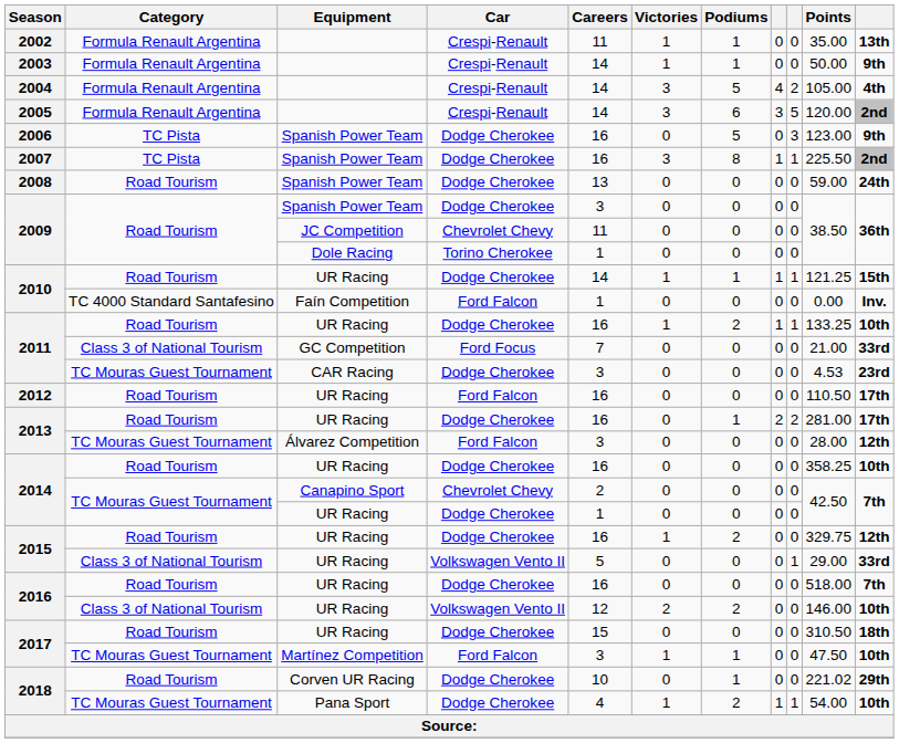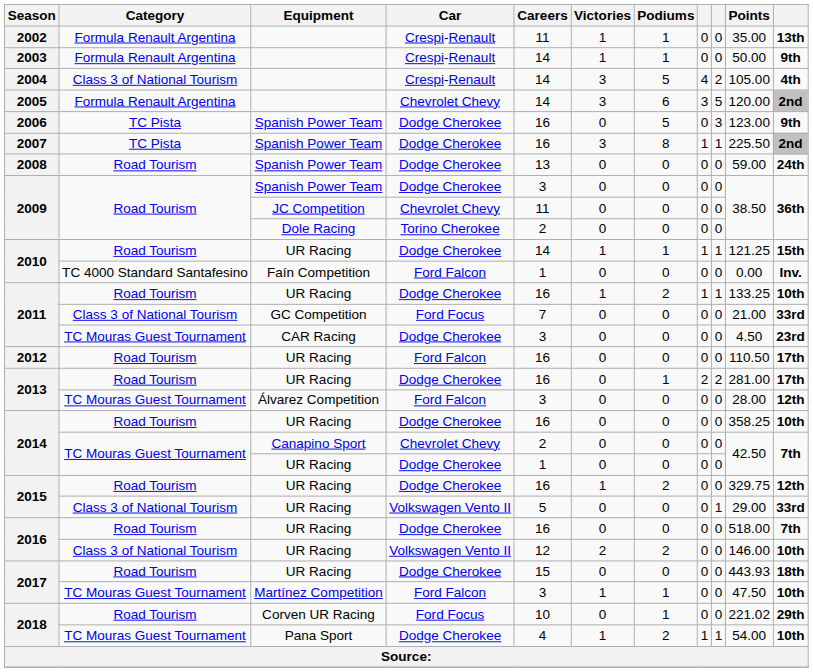 <table class="wikitable" style="font-size: 90%; text-align:center">
 <tr>
 <th>Season</th>
 <th>Category</th>
 <th>Equipment</th>
 <th>Car</th>
 <th>Careers</th>
 <th>Victories</th>
 <th>Podiums</th>
 <th></th>
 <th></th>
 <th>Points</th>
 <th></th>
 </tr>
 <tr>
 <th>2002</th>
 <td><a href='#'>Formula Renault Argentina</a></td>
 <td></td>
 <td><a href='#'>Crespi</a>-<a href='#'>Renault</a></td>
 <td>11</td>
 <td>1</td>
 <td>1</td>
 <td>0</td>
 <td>0</td>
 <td>35.00</td>
 <td><strong>13th</strong></td>
 </tr>
 <tr>
 <th>2003</th>
 <td><a href='#'>Formula Renault Argentina</a></td>
 <td></td>
 <td><a href='#'>Crespi</a>-<a href='#'>Renault</a></td>
 <td>14</td>
 <td>1</td>
 <td>1</td>
 <td>0</td>
 <td>0</td>
 <td>50.00</td>
 <td><strong>9th</strong></td>
 </tr>
 <tr>
 <th>2004</th>
-<td><a href='#'>Formula Renault Argentina</a></td>
+<td><a href='#'>Class 3 of National Tourism</a></td>
 <td></td>
 <td><a href='#'>Crespi</a>-<a href='#'>Renault</a></td>
 <td>14</td>
 <td>3</td>
 <td>5</td>
 <td>4</td>
 <td>2</td>
 <td>105.00</td>
 <td><strong>4th</strong></td>
 </tr>
 <tr>
 <th>2005</th>
 <td><a href='#'>Formula Renault Argentina</a></td>
 <td></td>
-<td><a href='#'>Crespi</a>-<a href='#'>Renault</a></td>
+<td><a href='#'>Chevrolet Chevy</a></td>
 <td>14</td>
 <td>3</td>
 <td>6</td>
 <td>3</td>
 <td>5</td>
 <td>120.00</td>
 <td style="background:#C0C0C0"><strong>2nd</strong></td>
 </tr>
 <tr>
 <th>2006</th>
 <td><a href='#'>TC Pista</a></td>
 <td><a href='#'>Spanish Power Team</a></td>
 <td><a href='#'>Dodge Cherokee</a></td>
 <td>16</td>
 <td>0</td>
 <td>5</td>
 <td>0</td>
 <td>3</td>
 <td>123.00</td>
 <td><strong>9th</strong></td>
 </tr>
 <tr>
 <th>2007</th>
 <td><a href='#'>TC Pista</a></td>
 <td><a href='#'>Spanish Power Team</a></td>
 <td><a href='#'>Dodge Cherokee</a></td>
 <td>16</td>
 <td>3</td>
 <td>8</td>
 <td>1</td>
 <td>1</td>
 <td>225.50</td>
 <td style="background:#C0C0C0"><strong>2nd</strong></td>
 </tr>
 <tr>
 <th>2008</th>
 <td><a href='#'>Road Tourism</a></td>
 <td><a href='#'>Spanish Power Team</a></td>
 <td><a href='#'>Dodge Cherokee</a></td>
 <td>13</td>
 <td>0</td>
 <td>0</td>
 <td>0</td>
 <td>0</td>
 <td>59.00</td>
 <td><strong>24th</strong></td>
 </tr>
 <tr>
 <th rowspan=3>2009</th>
 <td rowspan=3><a href='#'>Road Tourism</a></td>
 <td><a href='#'>Spanish Power Team</a></td>
 <td><a href='#'>Dodge Cherokee</a></td>
 <td>3</td>
 <td>0</td>
 <td>0</td>
 <td>0</td>
 <td>0</td>
 <td rowspan=3>38.50</td>
 <td rowspan=3><strong>36th</strong></td>
 </tr>
 <tr>
 <td><a href='#'>JC Competition</a></td>
 <td><a href='#'>Chevrolet Chevy</a></td>
 <td>11</td>
 <td>0</td>
 <td>0</td>
 <td>0</td>
 <td>0</td>
 </tr>
 <tr>
 <td><a href='#'>Dole Racing</a></td>
 <td><a href='#'>Torino Cherokee</a></td>
-<td>1</td>
+<td>2</td>
 <td>0</td>
 <td>0</td>
 <td>0</td>
 <td>0</td>
 </tr>
 <tr>
 <th rowspan=2>2010</th>
 <td><a href='#'>Road Tourism</a></td>
 <td>UR Racing</td>
 <td><a href='#'>Dodge Cherokee</a></td>
 <td>14</td>
 <td>1</td>
 <td>1</td>
 <td>1</td>
 <td>1</td>
 <td>121.25</td>
 <td><strong>15th</strong></td>
 </tr>
 <tr>
 <td>TC 4000 Standard Santafesino</td>
 <td>Faín Competition</td>
 <td><a href='#'>Ford Falcon</a></td>
 <td>1</td>
 <td>0</td>
 <td>0</td>
 <td>0</td>
 <td>0</td>
 <td>0.00</td>
 <td><strong>Inv.</strong></td>
 </tr>
 <tr>
 <th rowspan=3>2011</th>
 <td><a href='#'>Road Tourism</a></td>
 <td>UR Racing</td>
 <td><a href='#'>Dodge Cherokee</a></td>
 <td>16</td>
 <td>1</td>
 <td>2</td>
 <td>1</td>
 <td>1</td>
 <td>133.25</td>
 <td><strong>10th</strong></td>
 </tr>
 <tr>
 <td><a href='#'>Class 3 of National Tourism</a></td>
 <td>GC Competition</td>
 <td><a href='#'>Ford Focus</a></td>
 <td>7</td>
 <td>0</td>
 <td>0</td>
 <td>0</td>
 <td>0</td>
 <td>21.00</td>
 <td><strong>33rd</strong></td>
 </tr>
 <tr>
 <td><a href='#'>TC Mouras Guest Tournament</a></td>
 <td>CAR Racing</td>
 <td><a href='#'>Dodge Cherokee</a></td>
 <td>3</td>
 <td>0</td>
 <td>0</td>
 <td>0</td>
 <td>0</td>
-<td>4.53</td>
+<td>4.50</td>
 <td><strong>23rd</strong></td>
 </tr>
 <tr>
 <th>2012</th>
 <td><a href='#'>Road Tourism</a></td>
 <td>UR Racing</td>
 <td><a href='#'>Ford Falcon</a></td>
 <td>16</td>
 <td>0</td>
 <td>0</td>
 <td>0</td>
 <td>0</td>
 <td>110.50</td>
 <td><strong>17th</strong></td>
 </tr>
 <tr>
 <th rowspan=2>2013</th>
 <td><a href='#'>Road Tourism</a></td>
 <td>UR Racing</td>
 <td><a href='#'>Dodge Cherokee</a></td>
 <td>16</td>
 <td>0</td>
 <td>1</td>
 <td>2</td>
 <td>2</td>
 <td>281.00</td>
 <td><strong>17th</strong></td>
 </tr>
 <tr>
 <td><a href='#'>TC Mouras Guest Tournament</a></td>
 <td>Álvarez Competition</td>
 <td><a href='#'>Ford Falcon</a></td>
 <td>3</td>
 <td>0</td>
 <td>0</td>
 <td>0</td>
 <td>0</td>
 <td>28.00</td>
 <td><strong>12th</strong></td>
 </tr>
 <tr>
 <th rowspan=3>2014</th>
 <td><a href='#'>Road Tourism</a></td>
 <td>UR Racing</td>
 <td><a href='#'>Dodge Cherokee</a></td>
 <td>16</td>
 <td>0</td>
 <td>0</td>
 <td>0</td>
 <td>0</td>
 <td>358.25</td>
 <td><strong>10th</strong></td>
 </tr>
 <tr>
 <td rowspan=2><a href='#'>TC Mouras Guest Tournament</a></td>
 <td><a href='#'>Canapino Sport</a></td>
 <td><a href='#'>Chevrolet Chevy</a></td>
 <td>2</td>
 <td>0</td>
 <td>0</td>
 <td>0</td>
 <td>0</td>
 <td rowspan=2>42.50</td>
 <td rowspan=2><strong>7th</strong></td>
 </tr>
 <tr>
 <td>UR Racing</td>
 <td><a href='#'>Dodge Cherokee</a></td>
 <td>1</td>
 <td>0</td>
 <td>0</td>
 <td>0</td>
 <td>0</td>
 </tr>
 <tr>
 <th rowspan=2>2015</th>
 <td><a href='#'>Road Tourism</a></td>
 <td>UR Racing</td>
 <td><a href='#'>Dodge Cherokee</a></td>
 <td>16</td>
 <td>1</td>
 <td>2</td>
 <td>0</td>
 <td>0</td>
 <td>329.75</td>
 <td><strong>12th</strong></td>
 </tr>
 <tr>
 <td><a href='#'>Class 3 of National Tourism</a></td>
 <td>UR Racing</td>
 <td><a href='#'>Volkswagen Vento II</a></td>
 <td>5</td>
 <td>0</td>
 <td>0</td>
 <td>0</td>
 <td>1</td>
 <td>29.00</td>
 <td><strong>33rd</strong></td>
 </tr>
 <tr>
 <th rowspan=2>2016</th>
 <td><a href='#'>Road Tourism</a></td>
 <td>UR Racing</td>
 <td><a href='#'>Dodge Cherokee</a></td>
 <td>16</td>
 <td>0</td>
 <td>0</td>
 <td>0</td>
 <td>0</td>
 <td>518.00</td>
 <td><strong>7th</strong></td>
 </tr>
 <tr>
 <td><a href='#'>Class 3 of National Tourism</a></td>
 <td>UR Racing</td>
 <td><a href='#'>Volkswagen Vento II</a></td>
 <td>12</td>
 <td>2</td>
 <td>2</td>
 <td>0</td>
 <td>0</td>
 <td>146.00</td>
 <td><strong>10th</strong></td>
 </tr>
 <tr>
 <th rowspan=2>2017</th>
 <td><a href='#'>Road Tourism</a></td>
 <td>UR Racing</td>
 <td><a href='#'>Dodge Cherokee</a></td>
 <td>15</td>
 <td>0</td>
 <td>0</td>
 <td>0</td>
 <td>0</td>
-<td>310.50</td>
+<td>443.93</td>
 <td><strong>18th</strong></td>
 </tr>
 <tr>
 <td><a href='#'>TC Mouras Guest Tournament</a></td>
 <td><a href='#'>Martínez Competition</a></td>
 <td><a href='#'>Ford Falcon</a></td>
 <td>3</td>
 <td>1</td>
 <td>1</td>
 <td>0</td>
 <td>0</td>
 <td>47.50</td>
 <td><strong>10th</strong></td>
 </tr>
 <tr>
 <th rowspan=2>2018</th>
 <td><a href='#'>Road Tourism</a></td>
 <td>Corven UR Racing</td>
-<td><a href='#'>Dodge Cherokee</a></td>
+<td><a href='#'>Ford Focus</a></td>
 <td>10</td>
 <td>0</td>
 <td>1</td>
 <td>0</td>
 <td>0</td>
 <td>221.02</td>
 <td><strong>29th</strong></td>
 </tr>
 <tr>
 <td><a href='#'>TC Mouras Guest Tournament</a></td>
 <td>Pana Sport</td>
 <td><a href='#'>Dodge Cherokee</a></td>
 <td>4</td>
 <td>1</td>
 <td>2</td>
 <td>1</td>
 <td>1</td>
 <td>54.00</td>
 <td><strong>10th</strong></td>
 </tr>
 <tr>
 <th colspan="11" style="text-align:center"><strong>Source</strong>:</th>
 </tr>
 <tr>
 </tr>
 </table>
